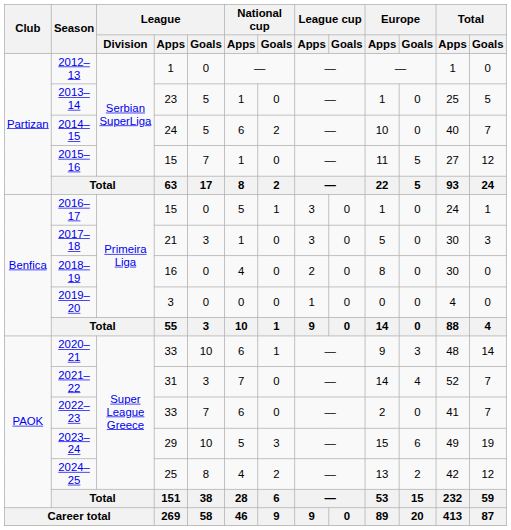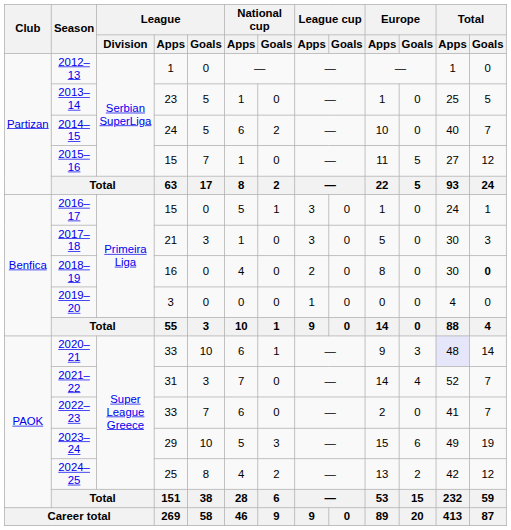 <table class="wikitable" style="text-align:center">
 <tr>
 <th rowspan="2">Club</th>
 <th rowspan="2">Season</th>
 <th colspan="3">League</th>
 <th colspan="2">National cup</th>
 <th colspan="2">League cup</th>
 <th colspan="2">Europe</th>
 <th colspan="2">Total</th>
 </tr>
 <tr>
 <th>Division</th>
 <th>Apps</th>
 <th>Goals</th>
 <th>Apps</th>
 <th>Goals</th>
 <th>Apps</th>
 <th>Goals</th>
 <th>Apps</th>
 <th>Goals</th>
 <th>Apps</th>
 <th>Goals</th>
 </tr>
 <tr>
 <td rowspan="5"><a href='#'>Partizan</a></td>
 <td><a href='#'>2012–13</a></td>
 <td rowspan="4"><a href='#'>Serbian SuperLiga</a></td>
 <td>1</td>
 <td>0</td>
 <td colspan="2">—</td>
 <td colspan="2">—</td>
 <td colspan="2">—</td>
 <td>1</td>
 <td>0</td>
 </tr>
 <tr>
 <td><a href='#'>2013–14</a></td>
 <td>23</td>
 <td>5</td>
 <td>1</td>
 <td>0</td>
 <td colspan="2">—</td>
 <td>1</td>
 <td>0</td>
 <td>25</td>
 <td>5</td>
 </tr>
 <tr>
 <td><a href='#'>2014–15</a></td>
 <td>24</td>
 <td>5</td>
 <td>6</td>
 <td>2</td>
 <td colspan="2">—</td>
 <td>10</td>
 <td>0</td>
 <td>40</td>
 <td>7</td>
 </tr>
 <tr>
 <td><a href='#'>2015–16</a></td>
 <td>15</td>
 <td>7</td>
 <td>1</td>
 <td>0</td>
 <td colspan="2">—</td>
 <td>11</td>
 <td>5</td>
 <td>27</td>
 <td>12</td>
 </tr>
 <tr>
 <th colspan="2">Total</th>
 <th>63</th>
 <th>17</th>
 <th>8</th>
 <th>2</th>
 <th colspan="2">—</th>
 <th>22</th>
 <th>5</th>
 <th>93</th>
 <th>24</th>
 </tr>
 <tr>
 <td rowspan="5"><a href='#'>Benfica</a></td>
 <td><a href='#'>2016–17</a></td>
 <td rowspan="4"><a href='#'>Primeira Liga</a></td>
 <td>15</td>
 <td>0</td>
 <td>5</td>
 <td>1</td>
 <td>3</td>
 <td>0</td>
 <td>1</td>
 <td>0</td>
 <td>24</td>
 <td>1</td>
 </tr>
 <tr>
 <td><a href='#'>2017–18</a></td>
 <td>21</td>
 <td>3</td>
 <td>1</td>
 <td>0</td>
 <td>3</td>
 <td>0</td>
 <td>5</td>
 <td>0</td>
 <td>30</td>
 <td>3</td>
 </tr>
 <tr>
 <td><a href='#'>2018–19</a></td>
 <td>16</td>
 <td>0</td>
 <td>4</td>
 <td>0</td>
 <td>2</td>
 <td>0</td>
 <td>8</td>
 <td>0</td>
 <td>30</td>
-<td>0</td>
+<td><strong>0</strong></td>
 </tr>
 <tr>
 <td><a href='#'>2019–20</a></td>
 <td>3</td>
 <td>0</td>
 <td>0</td>
 <td>0</td>
 <td>1</td>
 <td>0</td>
 <td>0</td>
 <td>0</td>
 <td>4</td>
 <td>0</td>
 </tr>
 <tr>
 <th colspan="2">Total</th>
 <th>55</th>
 <th>3</th>
 <th>10</th>
 <th>1</th>
 <th>9</th>
 <th>0</th>
 <th>14</th>
 <th>0</th>
 <th>88</th>
 <th>4</th>
 </tr>
 <tr>
 <td rowspan="6"><a href='#'>PAOK</a></td>
 <td><a href='#'>2020–21</a></td>
 <td rowspan="5"><a href='#'>Super League Greece</a></td>
 <td>33</td>
 <td>10</td>
 <td>6</td>
 <td>1</td>
 <td colspan="2">—</td>
 <td>9</td>
 <td>3</td>
-<td>48</td>
+<td style="background: lavender;">48</td>
 <td>14</td>
 </tr>
 <tr>
 <td><a href='#'>2021–22</a></td>
 <td>31</td>
 <td>3</td>
 <td>7</td>
 <td>0</td>
 <td colspan="2">—</td>
 <td>14</td>
 <td>4</td>
 <td>52</td>
 <td>7</td>
 </tr>
 <tr>
 <td><a href='#'>2022–23</a></td>
 <td>33</td>
 <td>7</td>
 <td>6</td>
 <td>0</td>
 <td colspan="2">—</td>
 <td>2</td>
 <td>0</td>
 <td>41</td>
 <td>7</td>
 </tr>
 <tr>
 <td><a href='#'>2023–24</a></td>
 <td>29</td>
 <td>10</td>
 <td>5</td>
 <td>3</td>
 <td colspan="2">—</td>
 <td>15</td>
 <td>6</td>
 <td>49</td>
 <td>19</td>
 </tr>
 <tr>
 <td><a href='#'>2024–25</a></td>
 <td>25</td>
 <td>8</td>
 <td>4</td>
 <td>2</td>
 <td colspan="2">—</td>
 <td>13</td>
 <td>2</td>
 <td>42</td>
 <td>12</td>
 </tr>
 <tr>
 <th colspan="2">Total</th>
 <th>151</th>
 <th>38</th>
 <th>28</th>
 <th>6</th>
 <th colspan="2">—</th>
 <th>53</th>
 <th>15</th>
 <th>232</th>
 <th>59</th>
 </tr>
 <tr>
 <th colspan="3">Career total</th>
 <th>269</th>
 <th>58</th>
 <th>46</th>
 <th>9</th>
 <th>9</th>
 <th>0</th>
 <th>89</th>
 <th>20</th>
 <th>413</th>
 <th>87</th>
 </tr>
 </table>
